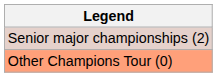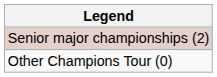 <table class="wikitable" style="font-size:95%;">
 <tr>
 <th>Legend</th>
 </tr>
 <tr style="background:#e5d1cb;">
 <td>Senior major championships (2)</td>
 </tr>
 <tr>
-<td style="background: lightsalmon;">Other Champions Tour (0)</td>
+<td>Other Champions Tour (0)</td>
 </tr>
 </table>
